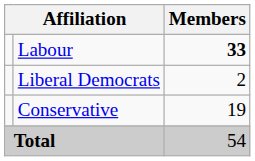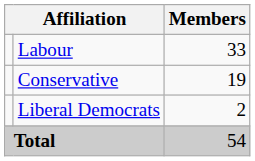 <table class="wikitable">
 <tr>
 <th colspan="2">Affiliation</th>
 <th>Members</th>
 </tr>
 <tr>
 <td></td>
 <td><a href='#'>Labour</a></td>
-<td style="text-align:right;"><strong>33</strong></td>
+<td style="text-align:right;">33</td>
+</tr>
+<tr>
+<td></td>
+<td><a href='#'>Conservative</a></td>
+<td style="text-align:right;">19</td>
 </tr>
 <tr>
 <td></td>
 <td><a href='#'>Liberal Democrats</a></td>
 <td style="text-align:right;">2</td>
 </tr>
-<tr>
-<td></td>
-<td><a href='#'>Conservative</a></td>
-<td style="text-align:right;">19</td>
-</tr>
 <tr style="background:#ccc;">
 <td colspan="2"> <strong>Total</strong></td>
 <td style="text-align:right;">54</td>
 </tr>
 </table>
